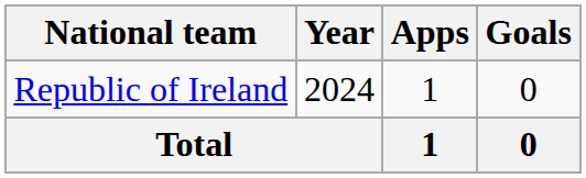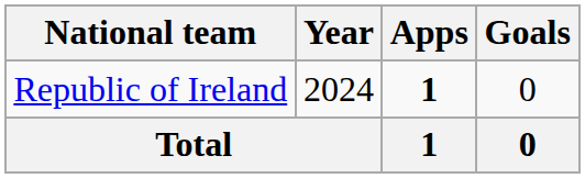 <table class=wikitable style=text-align:center>
 <tr>
 <th>National team</th>
 <th>Year</th>
 <th>Apps</th>
 <th>Goals</th>
 </tr>
 <tr>
 <td rowspan="2"><a href='#'>Republic of Ireland</a></td>
 </tr>
 <tr>
 <td>2024</td>
-<td>1</td>
+<td><strong>1</strong></td>
 <td>0</td>
 </tr>
 <tr>
 <th colspan="2">Total</th>
 <th>1</th>
 <th>0</th>
 </tr>
 </table>
